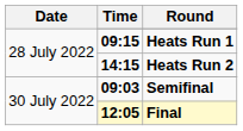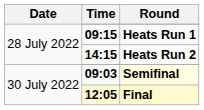 <table class="wikitable">
 <tr>
 <th>Date</th>
 <th>Time</th>
 <th>Round</th>
 </tr>
 <tr>
 <td rowspan=3>28 July 2022</td>
 </tr>
 <tr>
 <td><strong>09:15</strong></td>
 <td><strong>Heats Run 1</strong></td>
 </tr>
 <tr>
 <td><strong>14:15</strong></td>
 <td><strong>Heats Run 2</strong></td>
 </tr>
 <tr>
 <td rowspan=3>30 July 2022</td>
 </tr>
 <tr>
 <td><strong>09:03</strong></td>
-<td><strong>Semifinal</strong></td>
+<td style="background: lightyellow;"><strong>Semifinal</strong></td>
 </tr>
 <tr style=background:lemonchiffon>
 <td><strong>12:05</strong></td>
 <td><strong>Final</strong></td>
 </tr>
 </table>
